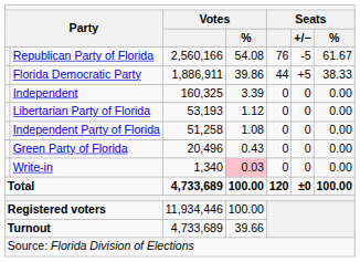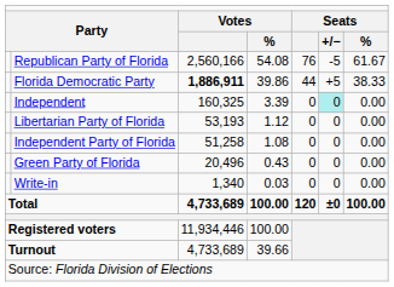 <table class="wikitable">
 <tr>
 <td colspan="7"></td>
 </tr>
 <tr>
 <th colspan="2" rowspan="2">Party</th>
 <th colspan="2">Votes</th>
 <th colspan="3">Seats</th>
 </tr>
 <tr>
 <th></th>
 <th>%</th>
 <th></th>
 <th>+/−</th>
 <th>%</th>
 </tr>
 <tr>
 <td style="background-color:"></td>
 <td><a href='#'>Republican Party of Florida</a></td>
 <td align="right">2,560,166</td>
 <td align="right">54.08</td>
 <td align="right">76</td>
 <td align="right">-5</td>
 <td align="right">61.67</td>
 </tr>
 <tr>
 <td style="background-color:"></td>
 <td><a href='#'>Florida Democratic Party</a></td>
-<td align="right">1,886,911</td>
+<td align="right"><strong>1,886,911</strong></td>
 <td align="right">39.86</td>
 <td align="right">44</td>
 <td align="right">+5</td>
 <td align="right">38.33</td>
 </tr>
 <tr>
 <td style="background-color:"></td>
 <td><a href='#'>Independent</a></td>
 <td align="right">160,325</td>
 <td align="right">3.39</td>
 <td align="right">0</td>
-<td align="right">0</td>
+<td align="right" style="background: paleturquoise;">0</td>
 <td align="right">0.00</td>
 </tr>
 <tr>
 <td style="background-color:"></td>
 <td><a href='#'>Libertarian Party of Florida</a></td>
 <td align="right">53,193</td>
 <td align="right">1.12</td>
 <td align="right">0</td>
 <td align="right">0</td>
 <td align="right">0.00</td>
 </tr>
 <tr>
 <td style="background-color:"></td>
 <td><a href='#'>Independent Party of Florida</a></td>
 <td align="right">51,258</td>
 <td align="right">1.08</td>
 <td align="right">0</td>
 <td align="right">0</td>
 <td align="right">0.00</td>
 </tr>
 <tr>
 <td style="background-color:"></td>
 <td><a href='#'>Green Party of Florida</a></td>
 <td align="right">20,496</td>
 <td align="right">0.43</td>
 <td align="right">0</td>
 <td align="right">0</td>
 <td align="right">0.00</td>
 </tr>
 <tr>
 <td style="background-color:"></td>
 <td><a href='#'>Write-in</a></td>
 <td align="right">1,340</td>
-<td align="right" style="background: pink;">0.03</td>
+<td align="right">0.03</td>
 <td align="right">0</td>
 <td align="right">0</td>
 <td align="right">0.00</td>
 </tr>
 <tr>
 <td colspan="2"><strong>Total</strong></td>
 <td align="right"><strong>4,733,689</strong></td>
 <td align="right"><strong>100.00</strong></td>
 <td align="right"><strong>120</strong></td>
 <td align="right"><strong>±0</strong></td>
 <td align="right"><strong>100.00</strong></td>
 </tr>
 <tr>
 <th colspan="7"></th>
 </tr>
 <tr>
 <td colspan="2"><strong>Registered voters</strong></td>
 <td align="right">11,934,446</td>
 <td align="right">100.00</td>
 <th colspan="3" rowspan="2"></th>
 </tr>
 <tr>
 <td colspan="2"><strong>Turnout</strong></td>
 <td align="right">4,733,689</td>
 <td align="right">39.66</td>
 </tr>
 <tr>
 <td colspan="7">Source: <em>Florida Division of Elections</em></td>
 </tr>
 </table>
